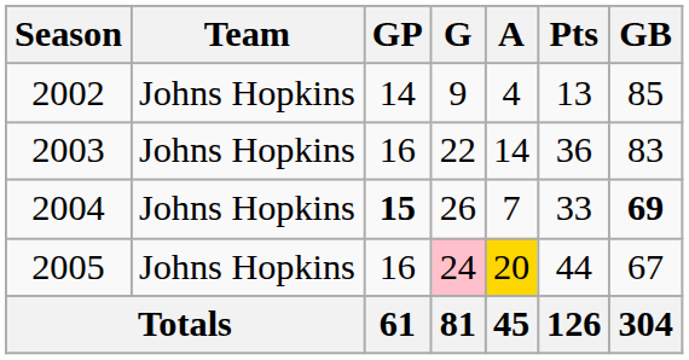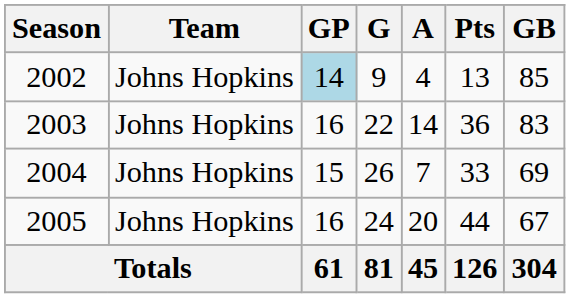 <table class="wikitable" style="text-align:center">
 <tr>
 <th>Season</th>
 <th>Team</th>
 <th>GP</th>
 <th>G</th>
 <th>A</th>
 <th>Pts</th>
 <th>GB</th>
 </tr>
 <tr>
 <td>2002</td>
 <td>Johns Hopkins</td>
-<td>14</td>
+<td style="background: lightblue;">14</td>
 <td>9</td>
 <td>4</td>
 <td>13</td>
 <td>85</td>
 </tr>
 <tr>
 <td>2003</td>
 <td>Johns Hopkins</td>
 <td>16</td>
 <td>22</td>
 <td>14</td>
 <td>36</td>
 <td>83</td>
 </tr>
 <tr>
 <td>2004</td>
 <td>Johns Hopkins</td>
-<td><strong>15</strong></td>
+<td>15</td>
 <td>26</td>
 <td>7</td>
 <td>33</td>
-<td><strong>69</strong></td>
+<td>69</td>
 </tr>
 <tr>
 <td>2005</td>
 <td>Johns Hopkins</td>
 <td>16</td>
-<td style="background: pink;">24</td>
-<td style="background: gold;">20</td>
+<td>24</td>
+<td>20</td>
 <td>44</td>
 <td>67</td>
 </tr>
 <tr ALIGN="center" bgcolor="#e0e0e0">
 <th colspan="2">Totals</th>
 <th>61</th>
 <th>81</th>
 <th>45</th>
 <th>126</th>
 <th>304</th>
 </tr>
 </table>
